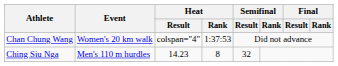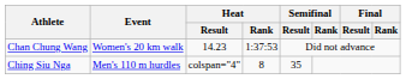 <table class="wikitable" style="font-size:90%">
 <tr>
 <th rowspan="2">Athlete</th>
 <th rowspan="2">Event</th>
 <th colspan="2">Heat</th>
 <th colspan="2">Semifinal</th>
 <th colspan="2">Final</th>
 </tr>
 <tr style="font-size:95%">
 <th>Result</th>
 <th>Rank</th>
 <th>Result</th>
 <th>Rank</th>
 <th>Result</th>
 <th>Rank</th>
 </tr>
 <tr align=center>
 <td align=left><a href='#'>Chan Chung Wang</a></td>
 <td align=left><a href='#'>Women's 20 km walk</a></td>
-<td>colspan="4" </td>
+<td>14.23</td>
 <td>1:37:53</td>
 <td colspan="4">Did not advance</td>
 </tr>
 <tr align=center>
 <td align=left><a href='#'>Ching Siu Nga</a></td>
 <td align=left><a href='#'>Men's 110 m hurdles</a></td>
-<td>14.23</td>
+<td>colspan="4" </td>
 <td>8</td>
-<td>32</td>
+<td>35</td>
 </tr>
 </table>
